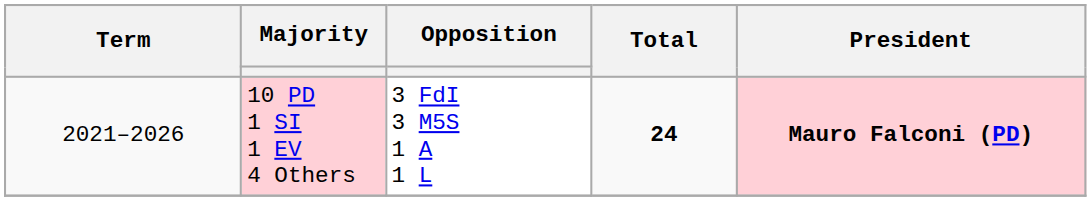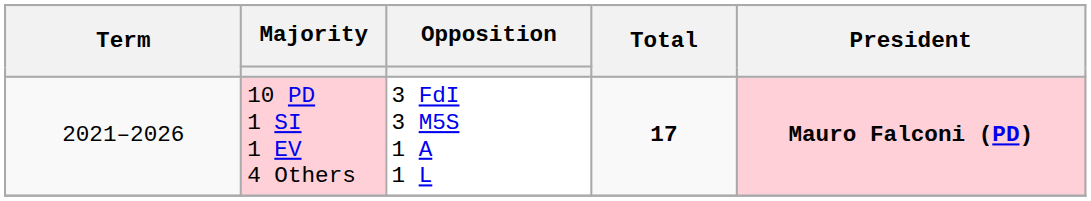 <table class="wikitable" style="text-align:center;font-size:85%;line-height:13px">
 <tr style="height:30px; background-color:#E9E9E9">
 <th style="width:110px;" rowspan="2">Term</th>
 <th style="width:65px;">Majority</th>
 <th style="width:95px;">Opposition</th>
 <th style="width:65px;" rowspan="2">Total</th>
 <th style="width:165px;" rowspan="2">President</th>
 </tr>
 <tr>
 <th style="background:"></th>
 <th style="background:"></th>
 </tr>
 <tr>
 <td>2021–2026</td>
 <td style="background:#FFD0D7; text-align:left;">10 <a href='#'>PD</a> <br>1 <a href='#'>SI</a> <br>1 <a href='#'>EV</a><br> 4 Others</td>
 <td style="background:white; text-align:left;">3 <a href='#'>FdI</a> <br> 3 <a href='#'>M5S</a> <br> 1 <a href='#'>A</a><br> 1 <a href='#'>L</a></td>
-<td><strong>24</strong></td>
+<td><strong>17</strong></td>
 <td style="background:#FFD0D7; text-align:center;"><strong>Mauro Falconi (<a href='#'>PD</a>)</strong></td>
 </tr>
 <tr>
 </tr>
 </table>
